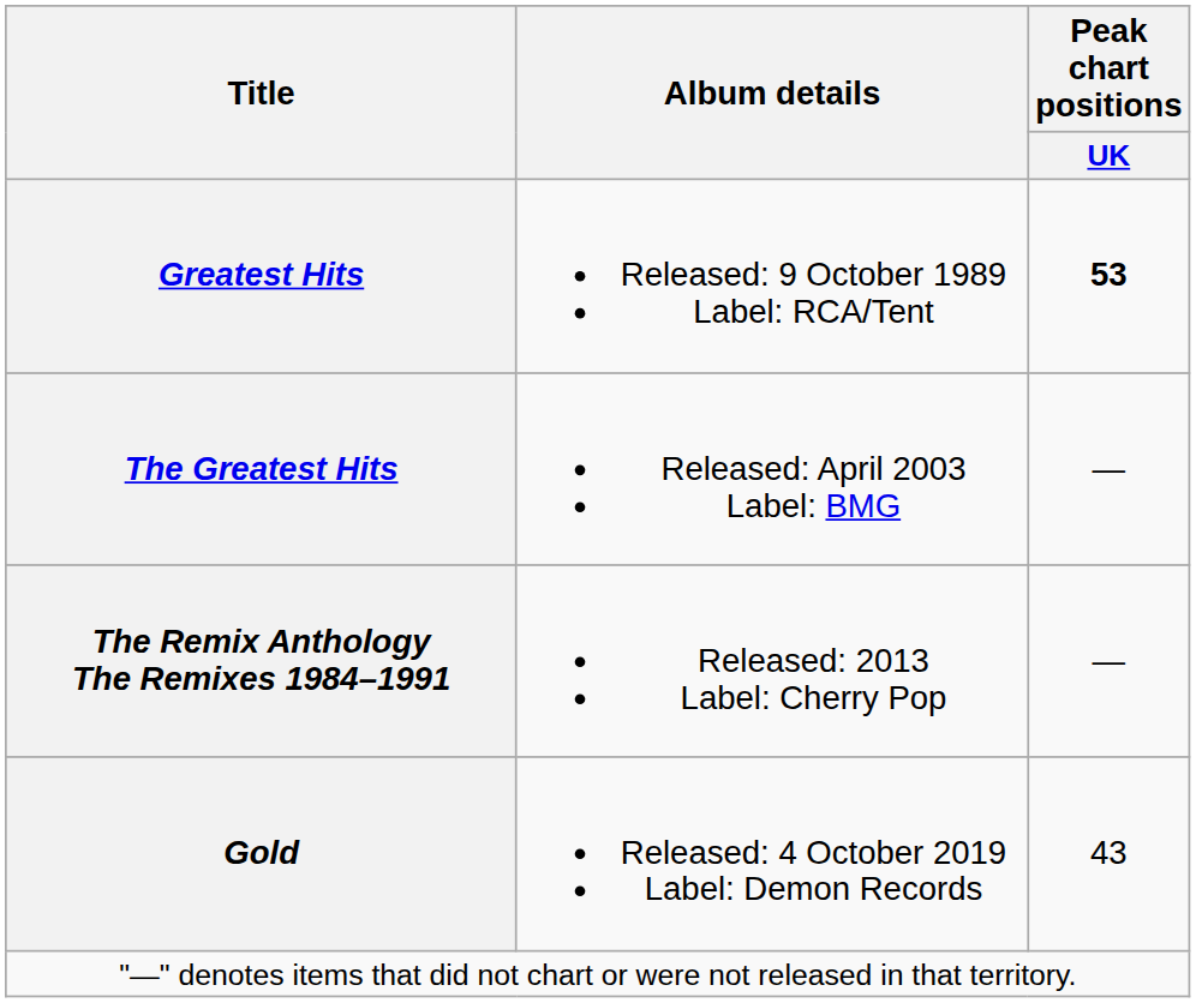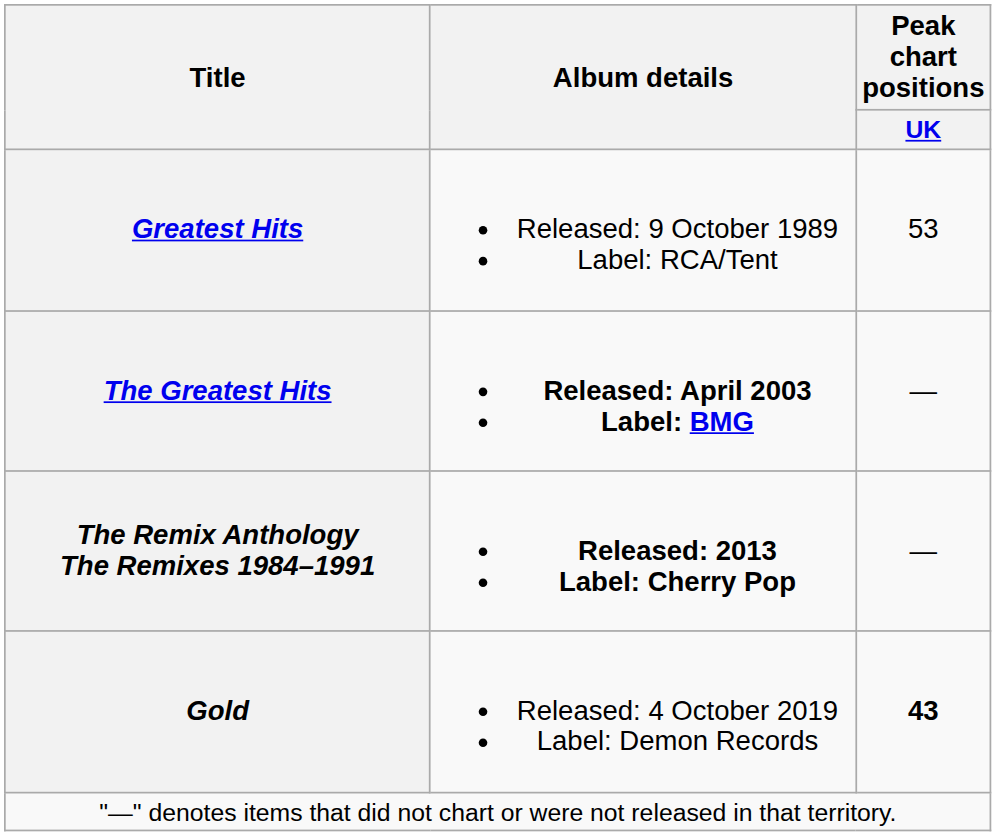 <table class="wikitable plainrowheaders" style="text-align:center;">
 <tr>
 <th scope="col" rowspan="2" style="width:15em;">Title</th>
 <th scope="col" rowspan="2" style="width:15em;">Album details</th>
 <th scope="col" colspan="1">Peak chart positions</th>
 </tr>
 <tr>
 <th scope="col" style="width:3em;font-size:90%;"><a href='#'>UK</a><br></th>
 </tr>
 <tr>
 <th scope="row"><em><a href='#'>Greatest Hits</a></em></th>
 <td><br><ul><li>Released: 9 October 1989</li><li>Label: RCA/Tent</li></ul></td>
-<td><strong>53</strong></td>
+<td>53</td>
 </tr>
 <tr>
 <th scope="row"><em><a href='#'>The Greatest Hits</a></em></th>
-<td><br><ul><li>Released: April 2003</li><li>Label: <a href='#'>BMG</a></li></ul></td>
+<td><strong><br><ul><li>Released: April 2003</li><li>Label: <a href='#'>BMG</a></li></ul></strong></td>
 <td>—</td>
 </tr>
 <tr>
 <th scope="row"><em>The Remix Anthology<br>The Remixes 1984–1991</em></th>
-<td><br><ul><li>Released: 2013</li><li>Label: Cherry Pop</li></ul></td>
+<td><strong><br><ul><li>Released: 2013</li><li>Label: Cherry Pop</li></ul></strong></td>
 <td>—</td>
 </tr>
 <tr>
 <th scope="row"><em>Gold</em></th>
 <td><br><ul><li>Released: 4 October 2019</li><li>Label: Demon Records</li></ul></td>
-<td>43</td>
+<td><strong>43</strong></td>
 </tr>
 <tr>
 <td colspan="15" style="font-size:90%">"—" denotes items that did not chart or were not released in that territory.</td>
 </tr>
 </table>
